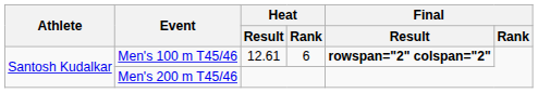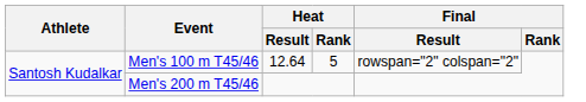 <table class=wikitable style="font-size:90%">
 <tr>
 <th rowspan="2">Athlete</th>
 <th rowspan="2">Event</th>
 <th colspan="2">Heat</th>
 <th colspan="2">Final</th>
 </tr>
 <tr>
 <th>Result</th>
 <th>Rank</th>
 <th>Result</th>
 <th>Rank</th>
 </tr>
 <tr>
 <td rowspan="2"><a href='#'>Santosh Kudalkar</a></td>
 <td><a href='#'>Men's 100 m T45/46</a></td>
-<td style="text-align:center;">12.61</td>
-<td style="text-align:center;">6</td>
-<td><strong>rowspan="2" colspan="2" </strong></td>
+<td style="text-align:center;">12.64</td>
+<td style="text-align:center;">5</td>
+<td>rowspan="2" colspan="2" </td>
 </tr>
 <tr>
 <td><a href='#'>Men's 200 m T45/46</a></td>
 <td style="text-align:center;" colspan="2"></td>
 </tr>
 </table>
